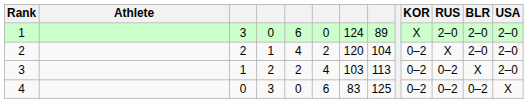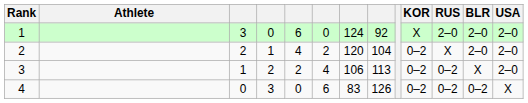 <table class="wikitable" style="text-align:center">
 <tr>
 <th>Rank</th>
 <th width=250>Athlete</th>
 <th width=30></th>
 <th width=30></th>
 <th width=30></th>
 <th width=30></th>
 <th width=30></th>
 <th width=30></th>
 <th rowspan=5></th>
 <th width=30>KOR</th>
 <th width=30>RUS</th>
 <th width=30>BLR</th>
 <th width=30>USA</th>
 </tr>
 <tr style="background-color:#ccffcc;">
 <td>1</td>
 <td align=left></td>
 <td>3</td>
 <td>0</td>
 <td>6</td>
 <td>0</td>
 <td>124</td>
-<td>89</td>
+<td>92</td>
 <td>X</td>
 <td>2–0</td>
 <td>2–0</td>
 <td>2–0</td>
 </tr>
 <tr>
 <td>2</td>
 <td align=left></td>
 <td>2</td>
 <td>1</td>
 <td>4</td>
 <td>2</td>
 <td>120</td>
 <td>104</td>
 <td>0–2</td>
 <td>X</td>
 <td>2–0</td>
 <td>2–0</td>
 </tr>
 <tr>
 <td>3</td>
 <td align=left></td>
 <td>1</td>
 <td>2</td>
 <td>2</td>
 <td>4</td>
-<td>103</td>
+<td>106</td>
 <td>113</td>
 <td>0–2</td>
 <td>0–2</td>
 <td>X</td>
 <td>2–0</td>
 </tr>
 <tr>
 <td>4</td>
 <td align=left></td>
 <td>0</td>
 <td>3</td>
 <td>0</td>
 <td>6</td>
 <td>83</td>
-<td>125</td>
+<td>126</td>
 <td>0–2</td>
 <td>0–2</td>
 <td>0–2</td>
 <td>X</td>
 </tr>
 </table>
